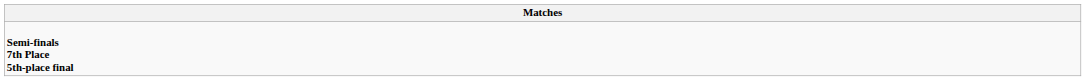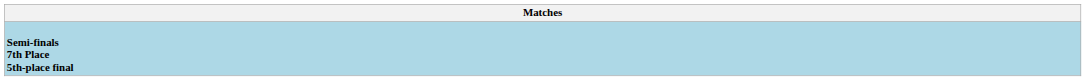 <table class="wikitable collapsible collapsed" style="width:100%;">
 <tr>
 <th>Matches</th>
 </tr>
 <tr>
-<td><br><strong>Semi-finals</strong>  <br><strong>7th Place</strong> <br><strong>5th-place final</strong> </td>
+<td style="background: lightblue;"><br><strong>Semi-finals</strong>  <br><strong>7th Place</strong> <br><strong>5th-place final</strong> </td>
 </tr>
 </table>
